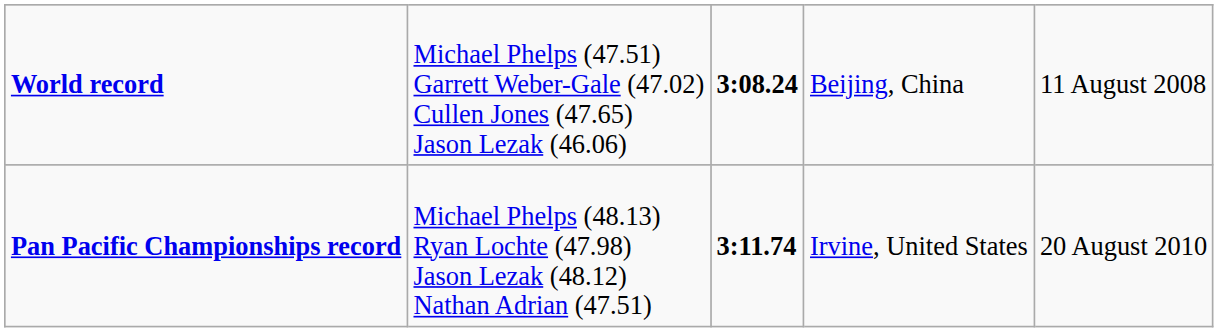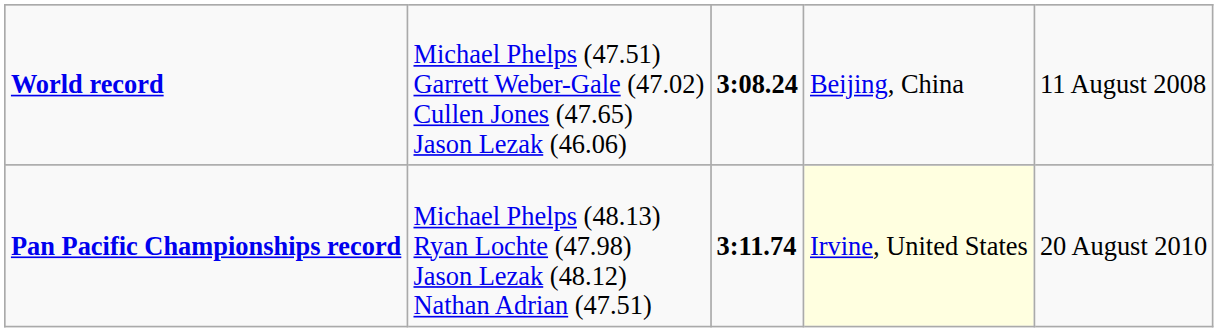 <table class="wikitable">
 <tr>
 <td><strong><a href='#'>World record</a></strong></td>
 <td><br><a href='#'>Michael Phelps</a> (47.51)<br><a href='#'>Garrett Weber-Gale</a> (47.02)<br><a href='#'>Cullen Jones</a> (47.65)<br><a href='#'>Jason Lezak</a> (46.06)</td>
 <td><strong>3:08.24</strong></td>
 <td><a href='#'>Beijing</a>, China</td>
 <td>11 August 2008</td>
 </tr>
 <tr>
 <td><strong><a href='#'>Pan Pacific Championships record</a></strong></td>
 <td><br><a href='#'>Michael Phelps</a> (48.13)<br><a href='#'>Ryan Lochte</a> (47.98)<br><a href='#'>Jason Lezak</a> (48.12)<br><a href='#'>Nathan Adrian</a> (47.51)</td>
 <td><strong>3:11.74</strong></td>
-<td><a href='#'>Irvine</a>, United States</td>
+<td style="background: lightyellow;"><a href='#'>Irvine</a>, United States</td>
 <td>20 August 2010</td>
 </tr>
 </table>
